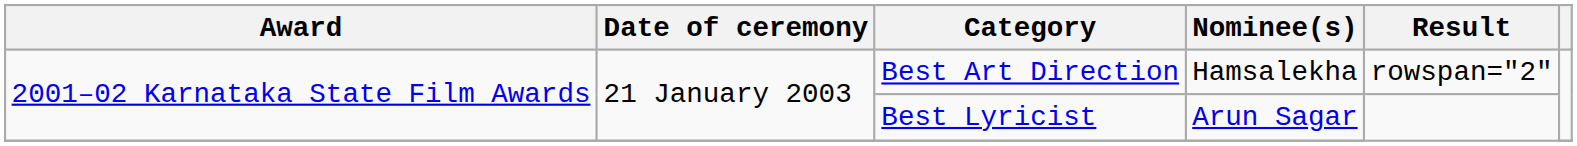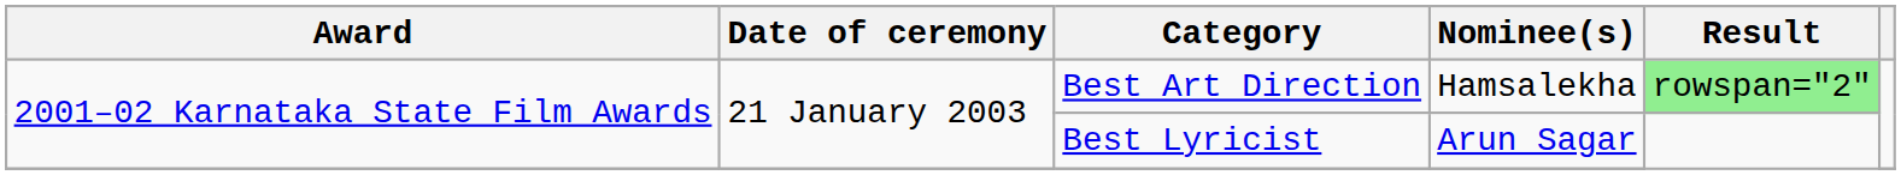 <table class="wikitable plainrowheaders sortable">
 <tr>
 <th scope="col">Award</th>
 <th scope="col">Date of ceremony</th>
 <th scope="col">Category</th>
 <th scope="col">Nominee(s)</th>
 <th scope="col">Result</th>
 <th scope="col" class="unsortable"></th>
 </tr>
 <tr>
 <td rowspan="2"><a href='#'>2001–02 Karnataka State Film Awards</a></td>
 <td rowspan="2">21 January 2003</td>
 <td><a href='#'>Best Art Direction</a></td>
 <td>Hamsalekha</td>
-<td>rowspan="2"</td>
+<td style="background: lightgreen;">rowspan="2"</td>
 <td rowspan="2"></td>
 </tr>
 <tr>
 <td><a href='#'>Best Lyricist</a></td>
 <td><a href='#'>Arun Sagar</a></td>
 </tr>
 <tr>
 </tr>
 </table>
